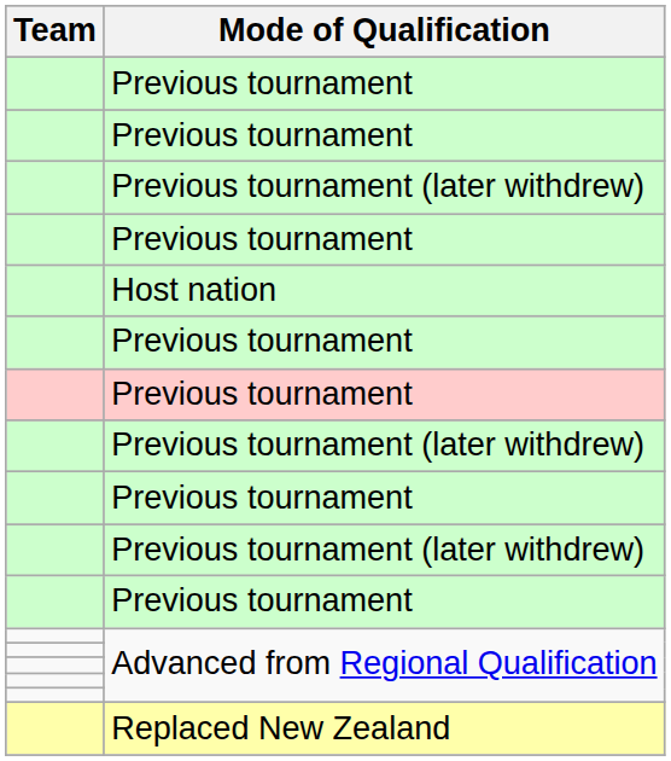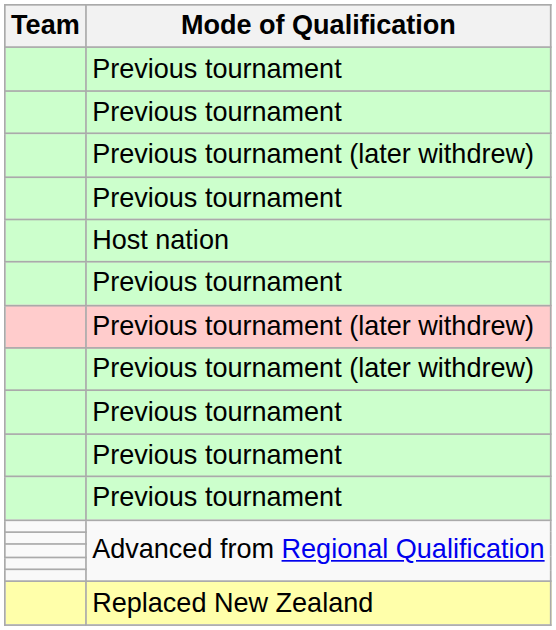 <table class="wikitable sortable">
 <tr>
 <th>Team</th>
 <th>Mode of Qualification</th>
 </tr>
 <tr style="background:#cfc;">
 <td></td>
 <td>Previous tournament</td>
 </tr>
 <tr style="background:#cfc;">
 <td></td>
 <td>Previous tournament</td>
 </tr>
 <tr style="background:#cfc;">
 <td></td>
 <td>Previous tournament (later withdrew)</td>
 </tr>
 <tr style="background:#cfc;">
 <td></td>
 <td>Previous tournament</td>
 </tr>
 <tr style="background:#cfc;">
 <td></td>
 <td>Host nation</td>
 </tr>
 <tr style="background:#cfc;">
 <td></td>
 <td>Previous tournament</td>
 </tr>
 <tr style="background:#fcc;">
 <td><s></s></td>
-<td>Previous tournament</td>
+<td>Previous tournament (later withdrew)</td>
 </tr>
 <tr style="background:#cfc;">
 <td></td>
 <td>Previous tournament (later withdrew)</td>
 </tr>
 <tr style="background:#cfc;">
 <td></td>
 <td>Previous tournament</td>
 </tr>
 <tr style="background:#cfc;">
 <td></td>
-<td>Previous tournament (later withdrew)</td>
+<td>Previous tournament</td>
 </tr>
 <tr style="background:#cfc;">
 <td></td>
 <td>Previous tournament</td>
 </tr>
 <tr>
 <td></td>
 <td rowspan=5>Advanced from <a href='#'>Regional Qualification</a></td>
 </tr>
 <tr>
 <td></td>
 </tr>
 <tr>
 <td></td>
 </tr>
 <tr>
 <td></td>
 </tr>
 <tr>
 <td></td>
 </tr>
 <tr style="background:#ffa;">
 <td></td>
 <td>Replaced New Zealand</td>
 </tr>
 </table>
